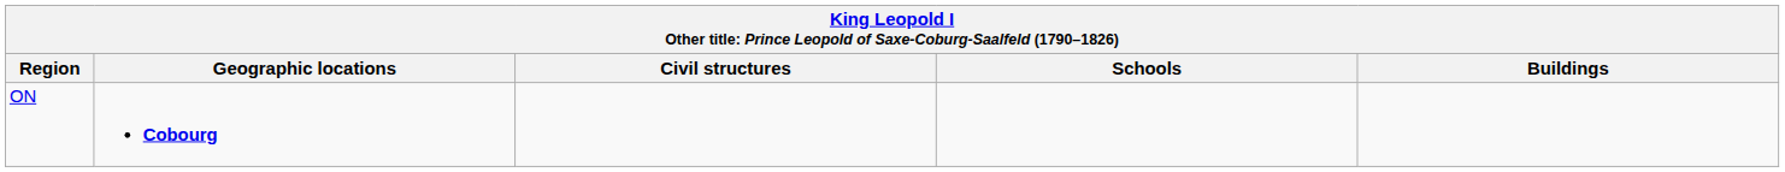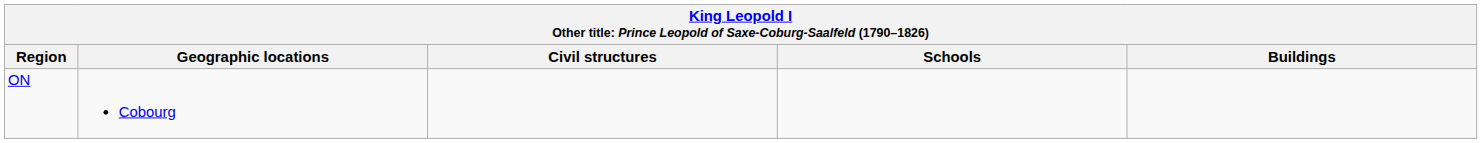 <table class="wikitable" width="100%">
 <tr>
 <th colspan="5"> <a href='#'>King Leopold I</a><br><small>Other title: <em>Prince Leopold of Saxe-Coburg-Saalfeld</em> (1790–1826)</small></th>
 </tr>
 <tr>
 <th width="5%">Region</th>
 <th width="23.75%">Geographic locations</th>
 <th width="23.75%">Civil structures</th>
 <th width="23.75%">Schools</th>
 <th width="23.75%">Buildings</th>
 </tr>
 <tr>
 <td align=left valign=top> <a href='#'>ON</a></td>
-<td align=left valign=top><strong><br><ul><li><a href='#'>Cobourg</a></li></ul></strong></td>
+<td align=left valign=top><br><ul><li><a href='#'>Cobourg</a></li></ul></td>
 <td></td>
 <td></td>
 <td></td>
 </tr>
 </table>
